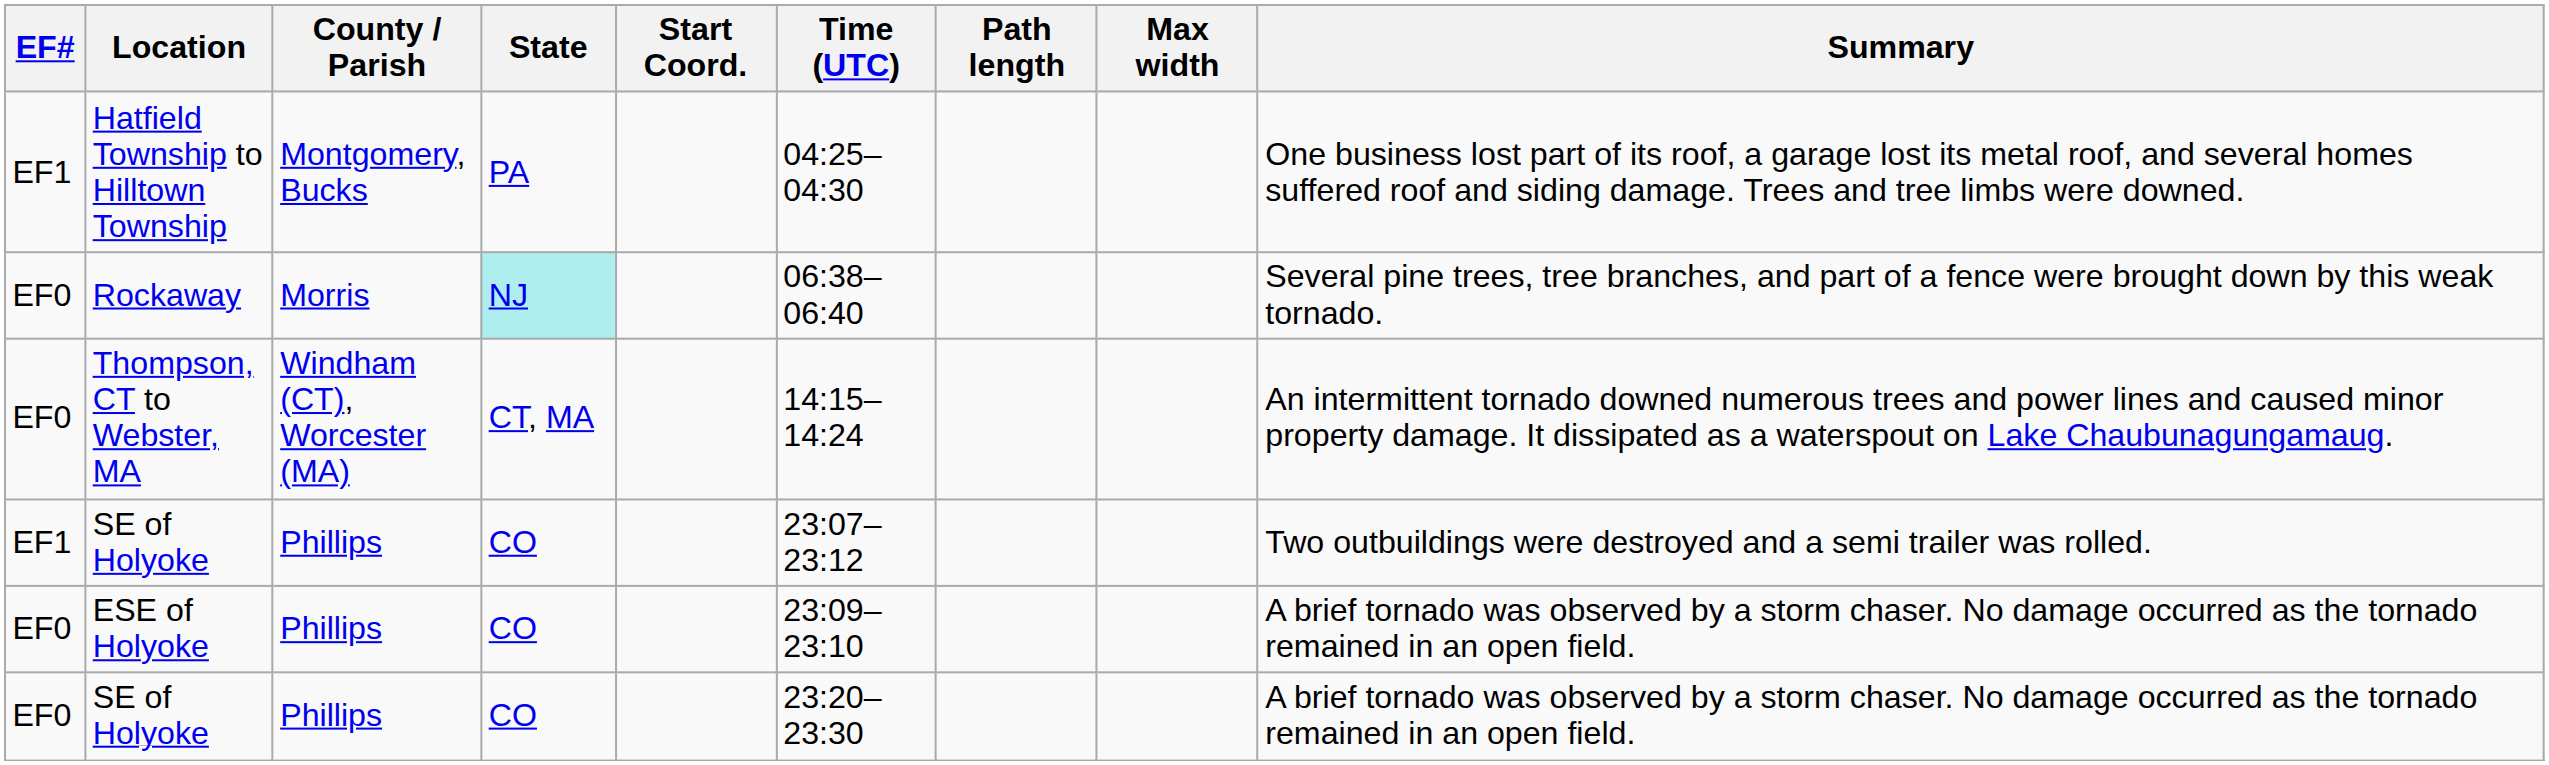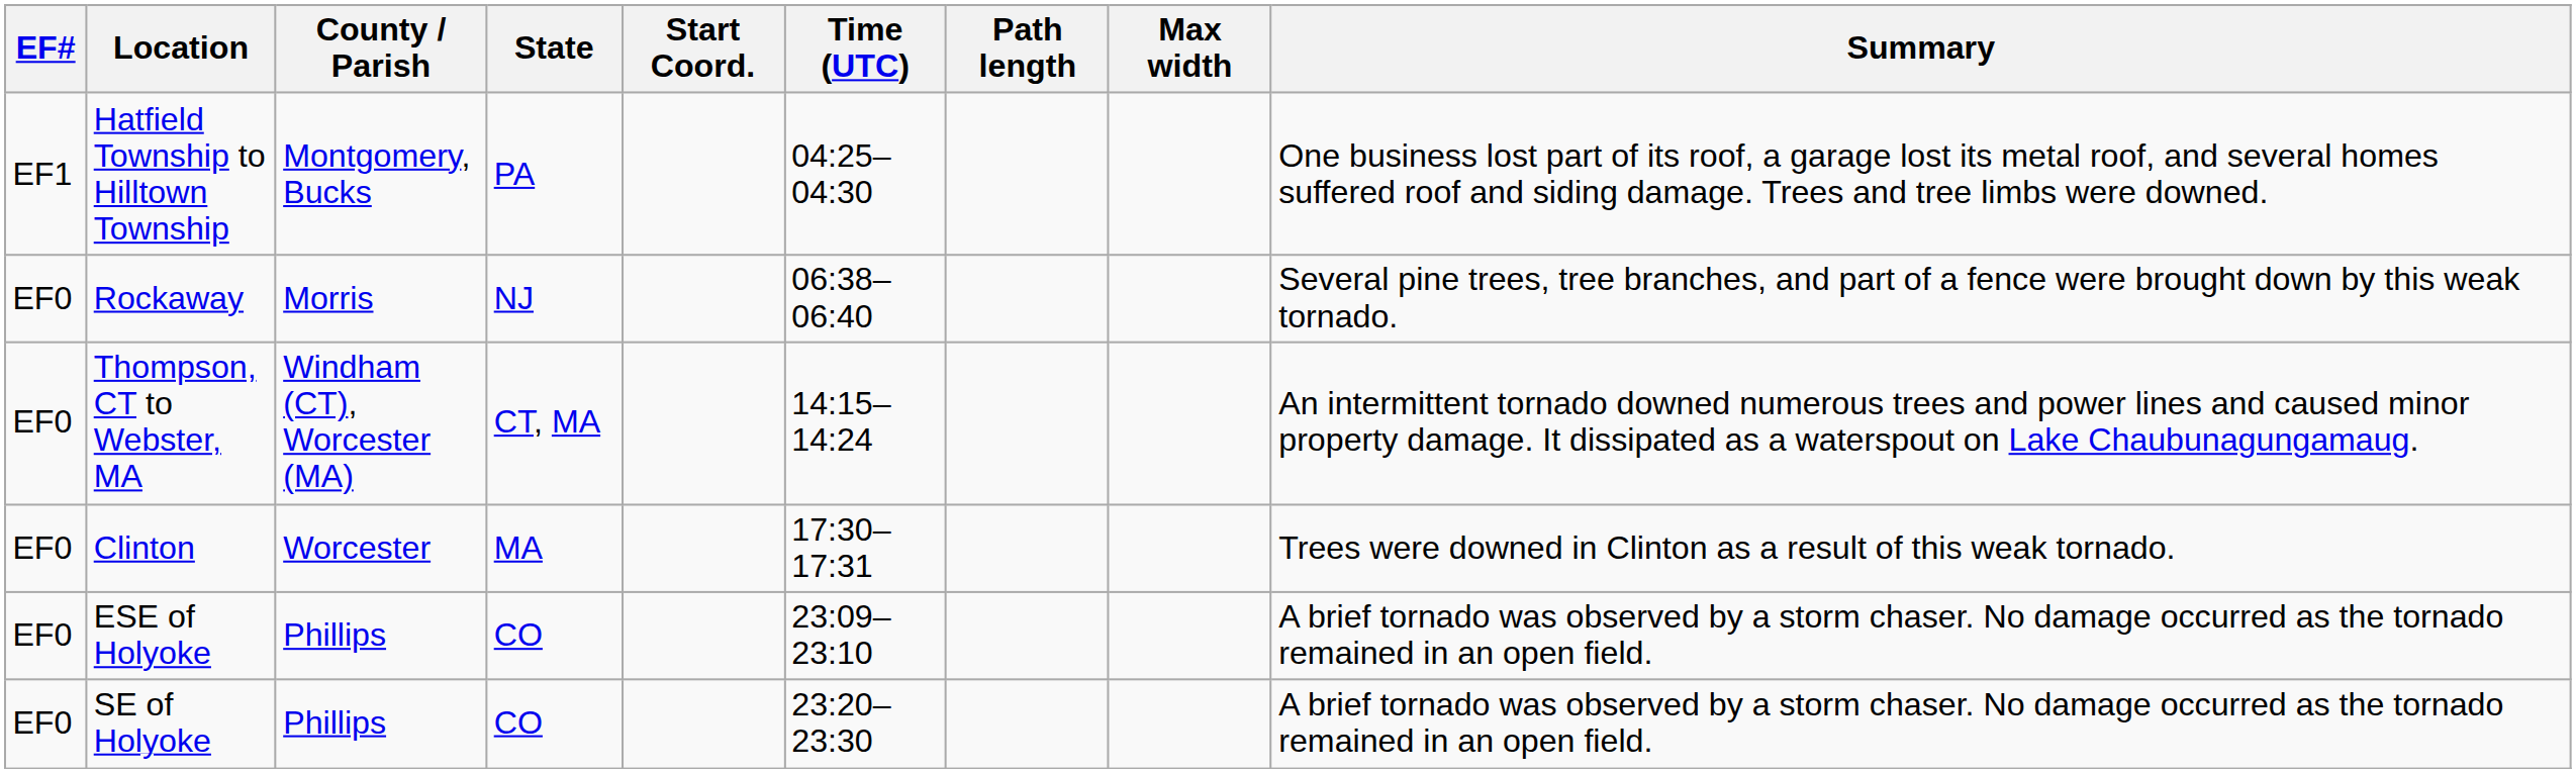 <table class="wikitable sortable" style="width:100%;">
 <tr>
 <th scope="col"  style="width:3%; text-align:center;"><a href='#'>EF#</a></th>
 <th scope="col"  style="width:7%; text-align:center;" class="unsortable">Location</th>
 <th scope="col"  style="width:6%; text-align:center;" class="unsortable">County / Parish</th>
 <th scope="col"  style="width:5%; text-align:center;">State</th>
 <th scope="col"  style="width:6%; text-align:center;">Start Coord.</th>
 <th scope="col"  style="width:6%; text-align:center;">Time (<a href='#'>UTC</a>)</th>
 <th scope="col"  style="width:6%; text-align:center;">Path length</th>
 <th scope="col"  style="width:6%; text-align:center;">Max width</th>
 <th scope="col" class="unsortable" style="width:48%; text-align:center;">Summary</th>
 </tr>
 <tr>
 <td>EF1</td>
 <td><a href='#'>Hatfield Township</a> to <a href='#'>Hilltown Township</a></td>
 <td><a href='#'>Montgomery</a>, <a href='#'>Bucks</a></td>
 <td><a href='#'>PA</a></td>
 <td></td>
 <td>04:25–04:30</td>
 <td></td>
 <td></td>
 <td>One business lost part of its roof, a garage lost its metal roof, and several homes suffered roof and siding damage. Trees and tree limbs were downed.</td>
 </tr>
 <tr>
 <td>EF0</td>
 <td><a href='#'>Rockaway</a></td>
 <td><a href='#'>Morris</a></td>
-<td style="background: paleturquoise;"><a href='#'>NJ</a></td>
+<td><a href='#'>NJ</a></td>
 <td></td>
 <td>06:38–06:40</td>
 <td></td>
 <td></td>
 <td>Several pine trees, tree branches, and part of a fence were brought down by this weak tornado.</td>
 </tr>
 <tr>
 <td>EF0</td>
 <td><a href='#'>Thompson, CT</a> to <a href='#'>Webster, MA</a></td>
 <td><a href='#'>Windham (CT)</a>, <a href='#'>Worcester (MA)</a></td>
 <td><a href='#'>CT</a>, <a href='#'>MA</a></td>
 <td></td>
 <td>14:15–14:24</td>
 <td></td>
 <td></td>
 <td>An intermittent tornado downed numerous trees and power lines and caused minor property damage. It dissipated as a waterspout on <a href='#'>Lake Chaubunagungamaug</a>.</td>
 </tr>
 <tr>
-<td>EF1</td>
-<td>SE of <a href='#'>Holyoke</a></td>
-<td><a href='#'>Phillips</a></td>
-<td><a href='#'>CO</a></td>
+<td>EF0</td>
+<td><a href='#'>Clinton</a></td>
+<td><a href='#'>Worcester</a></td>
+<td><a href='#'>MA</a></td>
 <td></td>
-<td>23:07–23:12</td>
+<td>17:30–17:31</td>
 <td></td>
 <td></td>
-<td>Two outbuildings were destroyed and a semi trailer was rolled.</td>
+<td>Trees were downed in Clinton as a result of this weak tornado.</td>
 </tr>
 <tr>
 <td>EF0</td>
 <td>ESE of <a href='#'>Holyoke</a></td>
 <td><a href='#'>Phillips</a></td>
 <td><a href='#'>CO</a></td>
 <td></td>
 <td>23:09–23:10</td>
 <td></td>
 <td></td>
 <td>A brief tornado was observed by a storm chaser. No damage occurred as the tornado remained in an open field.</td>
 </tr>
 <tr>
 <td>EF0</td>
 <td>SE of <a href='#'>Holyoke</a></td>
 <td><a href='#'>Phillips</a></td>
 <td><a href='#'>CO</a></td>
 <td></td>
 <td>23:20–23:30</td>
 <td></td>
 <td></td>
 <td>A brief tornado was observed by a storm chaser. No damage occurred as the tornado remained in an open field.</td>
 </tr>
 <tr>
 </tr>
 </table>
